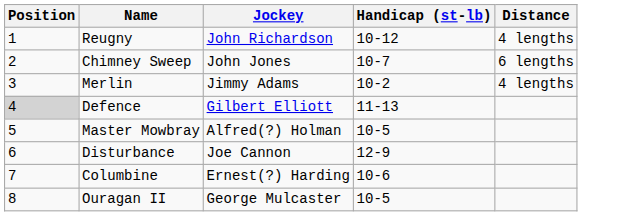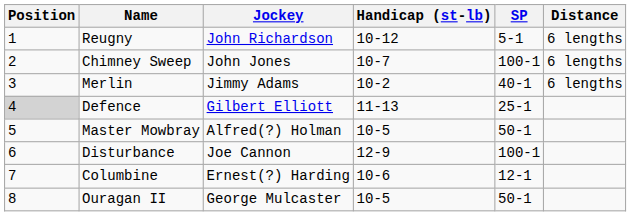 <table class="wikitable sortable">
 <tr>
 <th data-sort-type="number">Position</th>
 <th>Name</th>
 <th><a href='#'>Jockey</a></th>
 <th>Handicap (<a href='#'>st</a>-<a href='#'>lb</a>)</th>
+<th><a href='#'>SP</a></th>
 <th>Distance</th>
 </tr>
 <tr>
 <td>1</td>
 <td>Reugny</td>
 <td><a href='#'>John Richardson</a></td>
 <td>10-12</td>
-<td>4 lengths</td>
+<td>5-1</td>
+<td>6 lengths</td>
 </tr>
 <tr>
 <td>2</td>
 <td>Chimney Sweep</td>
 <td>John Jones</td>
 <td>10-7</td>
+<td>100-1</td>
 <td>6 lengths</td>
 </tr>
 <tr>
 <td>3</td>
 <td>Merlin</td>
 <td>Jimmy Adams</td>
 <td>10-2</td>
-<td>4 lengths</td>
+<td>40-1</td>
+<td>6 lengths</td>
 </tr>
 <tr>
 <td style="background: lightgrey;">4</td>
 <td>Defence</td>
 <td><a href='#'>Gilbert Elliott</a></td>
 <td>11-13</td>
+<td>25-1</td>
 <td></td>
 </tr>
 <tr>
 <td>5</td>
 <td>Master Mowbray</td>
 <td>Alfred(?) Holman</td>
 <td>10-5</td>
+<td>50-1</td>
 <td></td>
 </tr>
 <tr>
 <td>6</td>
 <td>Disturbance</td>
 <td>Joe Cannon</td>
 <td>12-9</td>
+<td>100-1</td>
 <td></td>
 </tr>
 <tr>
 <td>7</td>
 <td>Columbine</td>
 <td>Ernest(?) Harding</td>
 <td>10-6</td>
+<td>12-1</td>
 <td></td>
 </tr>
 <tr>
 <td>8</td>
 <td>Ouragan II</td>
 <td>George Mulcaster</td>
 <td>10-5</td>
+<td>50-1</td>
 <td></td>
 </tr>
 </table>
